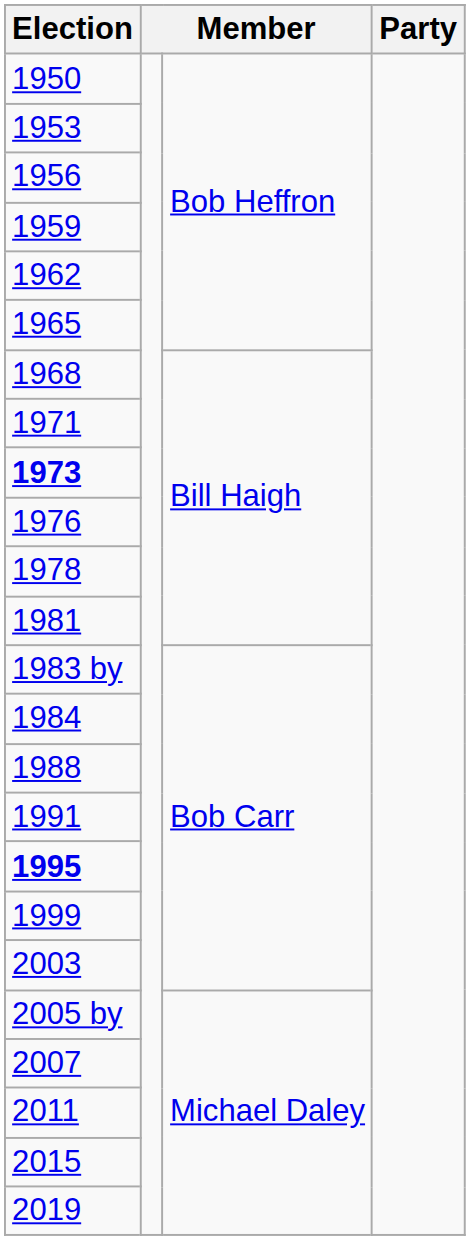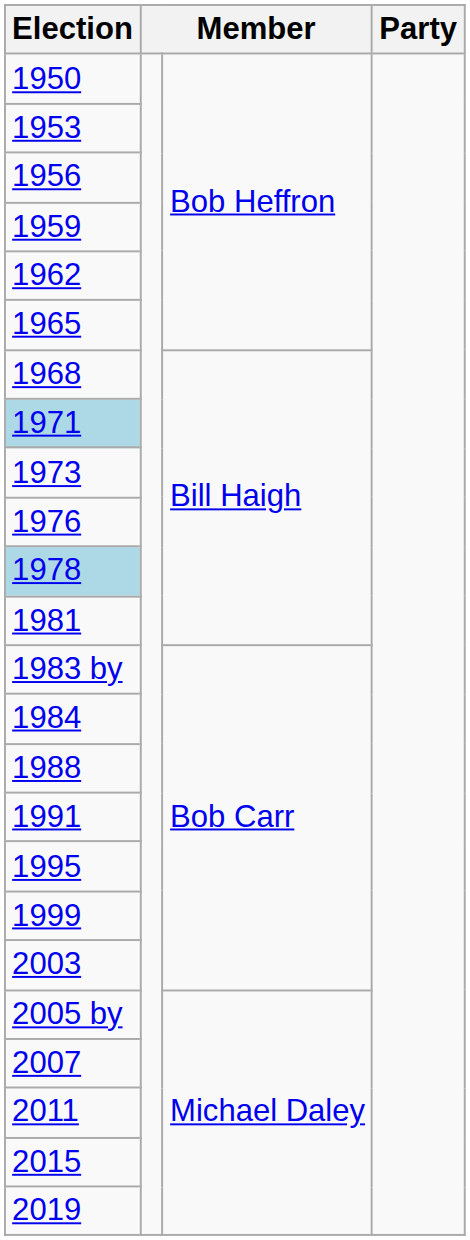 <table class="wikitable">
 <tr>
 <th>Election</th>
 <th colspan=2>Member</th>
 <th>Party</th>
 </tr>
 <tr>
 <td><a href='#'>1950</a></td>
 <td rowspan="24" > </td>
 <td rowspan="6"><a href='#'>Bob Heffron</a></td>
 <td rowspan="24"></td>
 </tr>
 <tr>
 <td><a href='#'>1953</a></td>
 </tr>
 <tr>
 <td><a href='#'>1956</a></td>
 </tr>
 <tr>
 <td><a href='#'>1959</a></td>
 </tr>
 <tr>
 <td><a href='#'>1962</a></td>
 </tr>
 <tr>
 <td><a href='#'>1965</a></td>
 </tr>
 <tr>
 <td><a href='#'>1968</a></td>
 <td rowspan="6"><a href='#'>Bill Haigh</a></td>
 </tr>
 <tr>
-<td><a href='#'>1971</a></td>
+<td style="background: lightblue;"><a href='#'>1971</a></td>
 </tr>
 <tr>
-<td><strong><a href='#'>1973</a></strong></td>
+<td><a href='#'>1973</a></td>
 </tr>
 <tr>
 <td><a href='#'>1976</a></td>
 </tr>
 <tr>
-<td><a href='#'>1978</a></td>
+<td style="background: lightblue;"><a href='#'>1978</a></td>
 </tr>
 <tr>
 <td><a href='#'>1981</a></td>
 </tr>
 <tr>
 <td><a href='#'>1983 by</a></td>
 <td rowspan="7"><a href='#'>Bob Carr</a></td>
 </tr>
 <tr>
 <td><a href='#'>1984</a></td>
 </tr>
 <tr>
 <td><a href='#'>1988</a></td>
 </tr>
 <tr>
 <td><a href='#'>1991</a></td>
 </tr>
 <tr>
-<td><strong><a href='#'>1995</a></strong></td>
+<td><a href='#'>1995</a></td>
 </tr>
 <tr>
 <td><a href='#'>1999</a></td>
 </tr>
 <tr>
 <td><a href='#'>2003</a></td>
 </tr>
 <tr>
 <td><a href='#'>2005 by</a></td>
 <td rowspan="5"><a href='#'>Michael Daley</a></td>
 </tr>
 <tr>
 <td><a href='#'>2007</a></td>
 </tr>
 <tr>
 <td><a href='#'>2011</a></td>
 </tr>
 <tr>
 <td><a href='#'>2015</a></td>
 </tr>
 <tr>
 <td><a href='#'>2019</a></td>
 </tr>
 </table>
